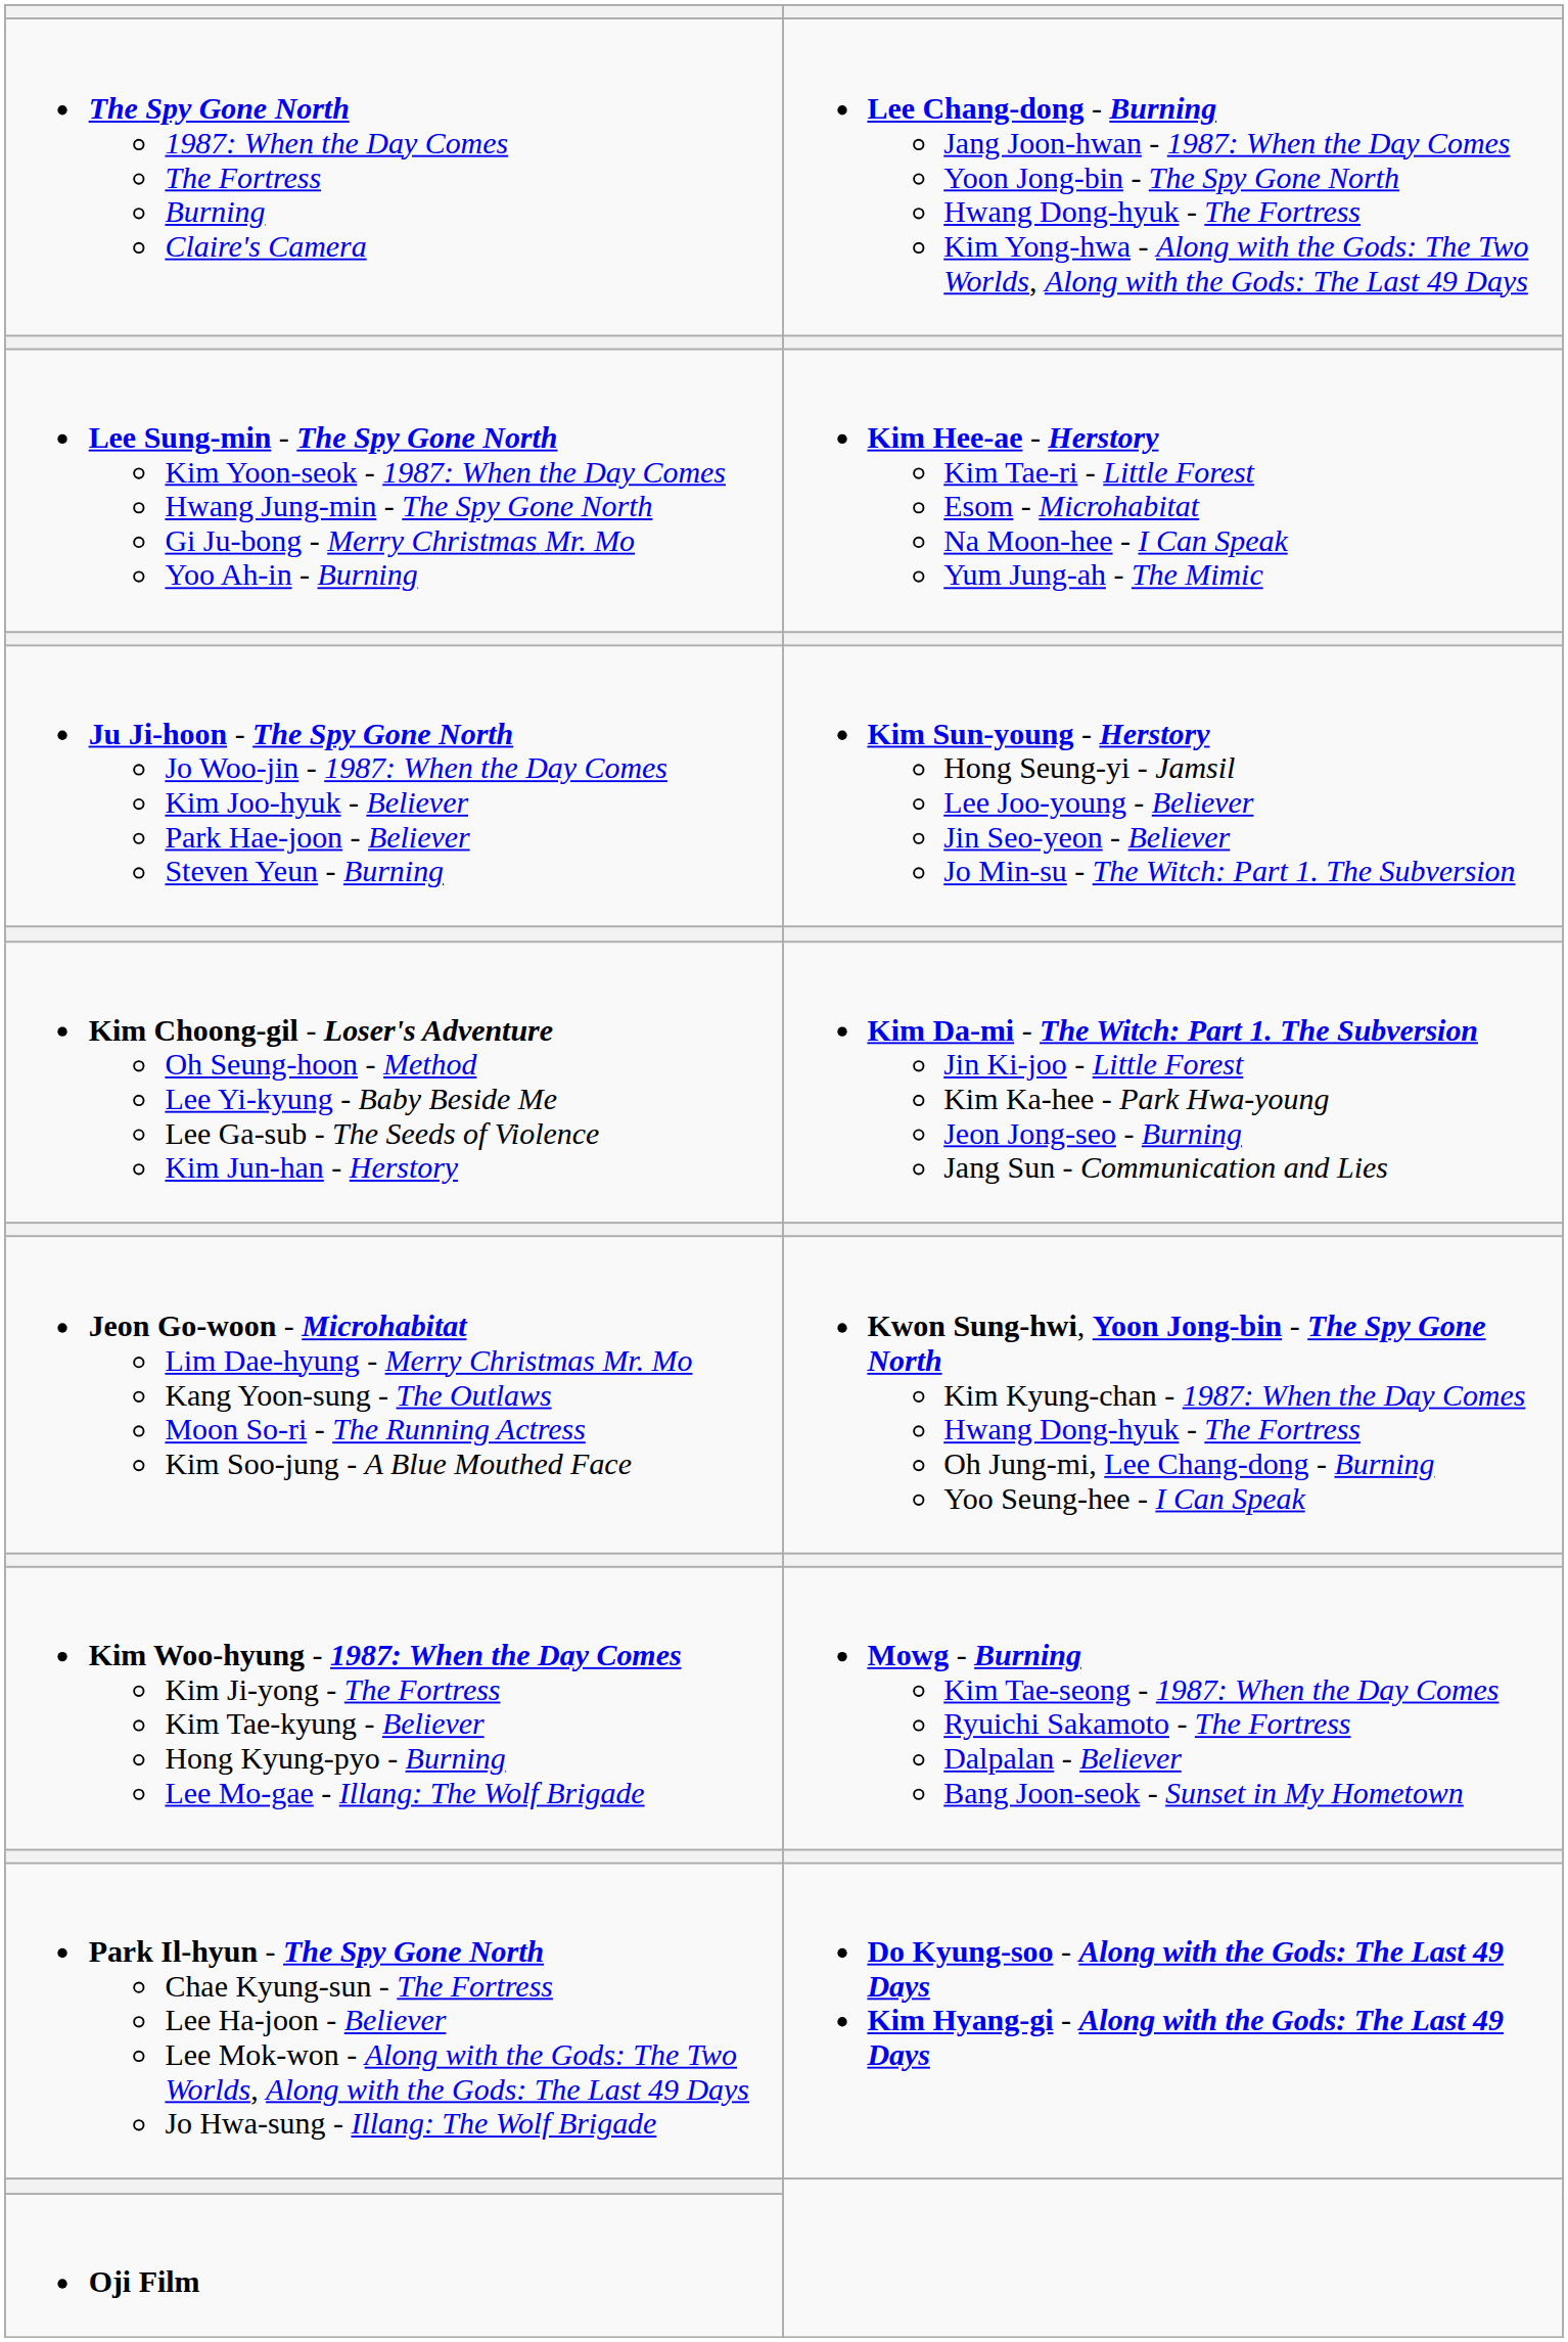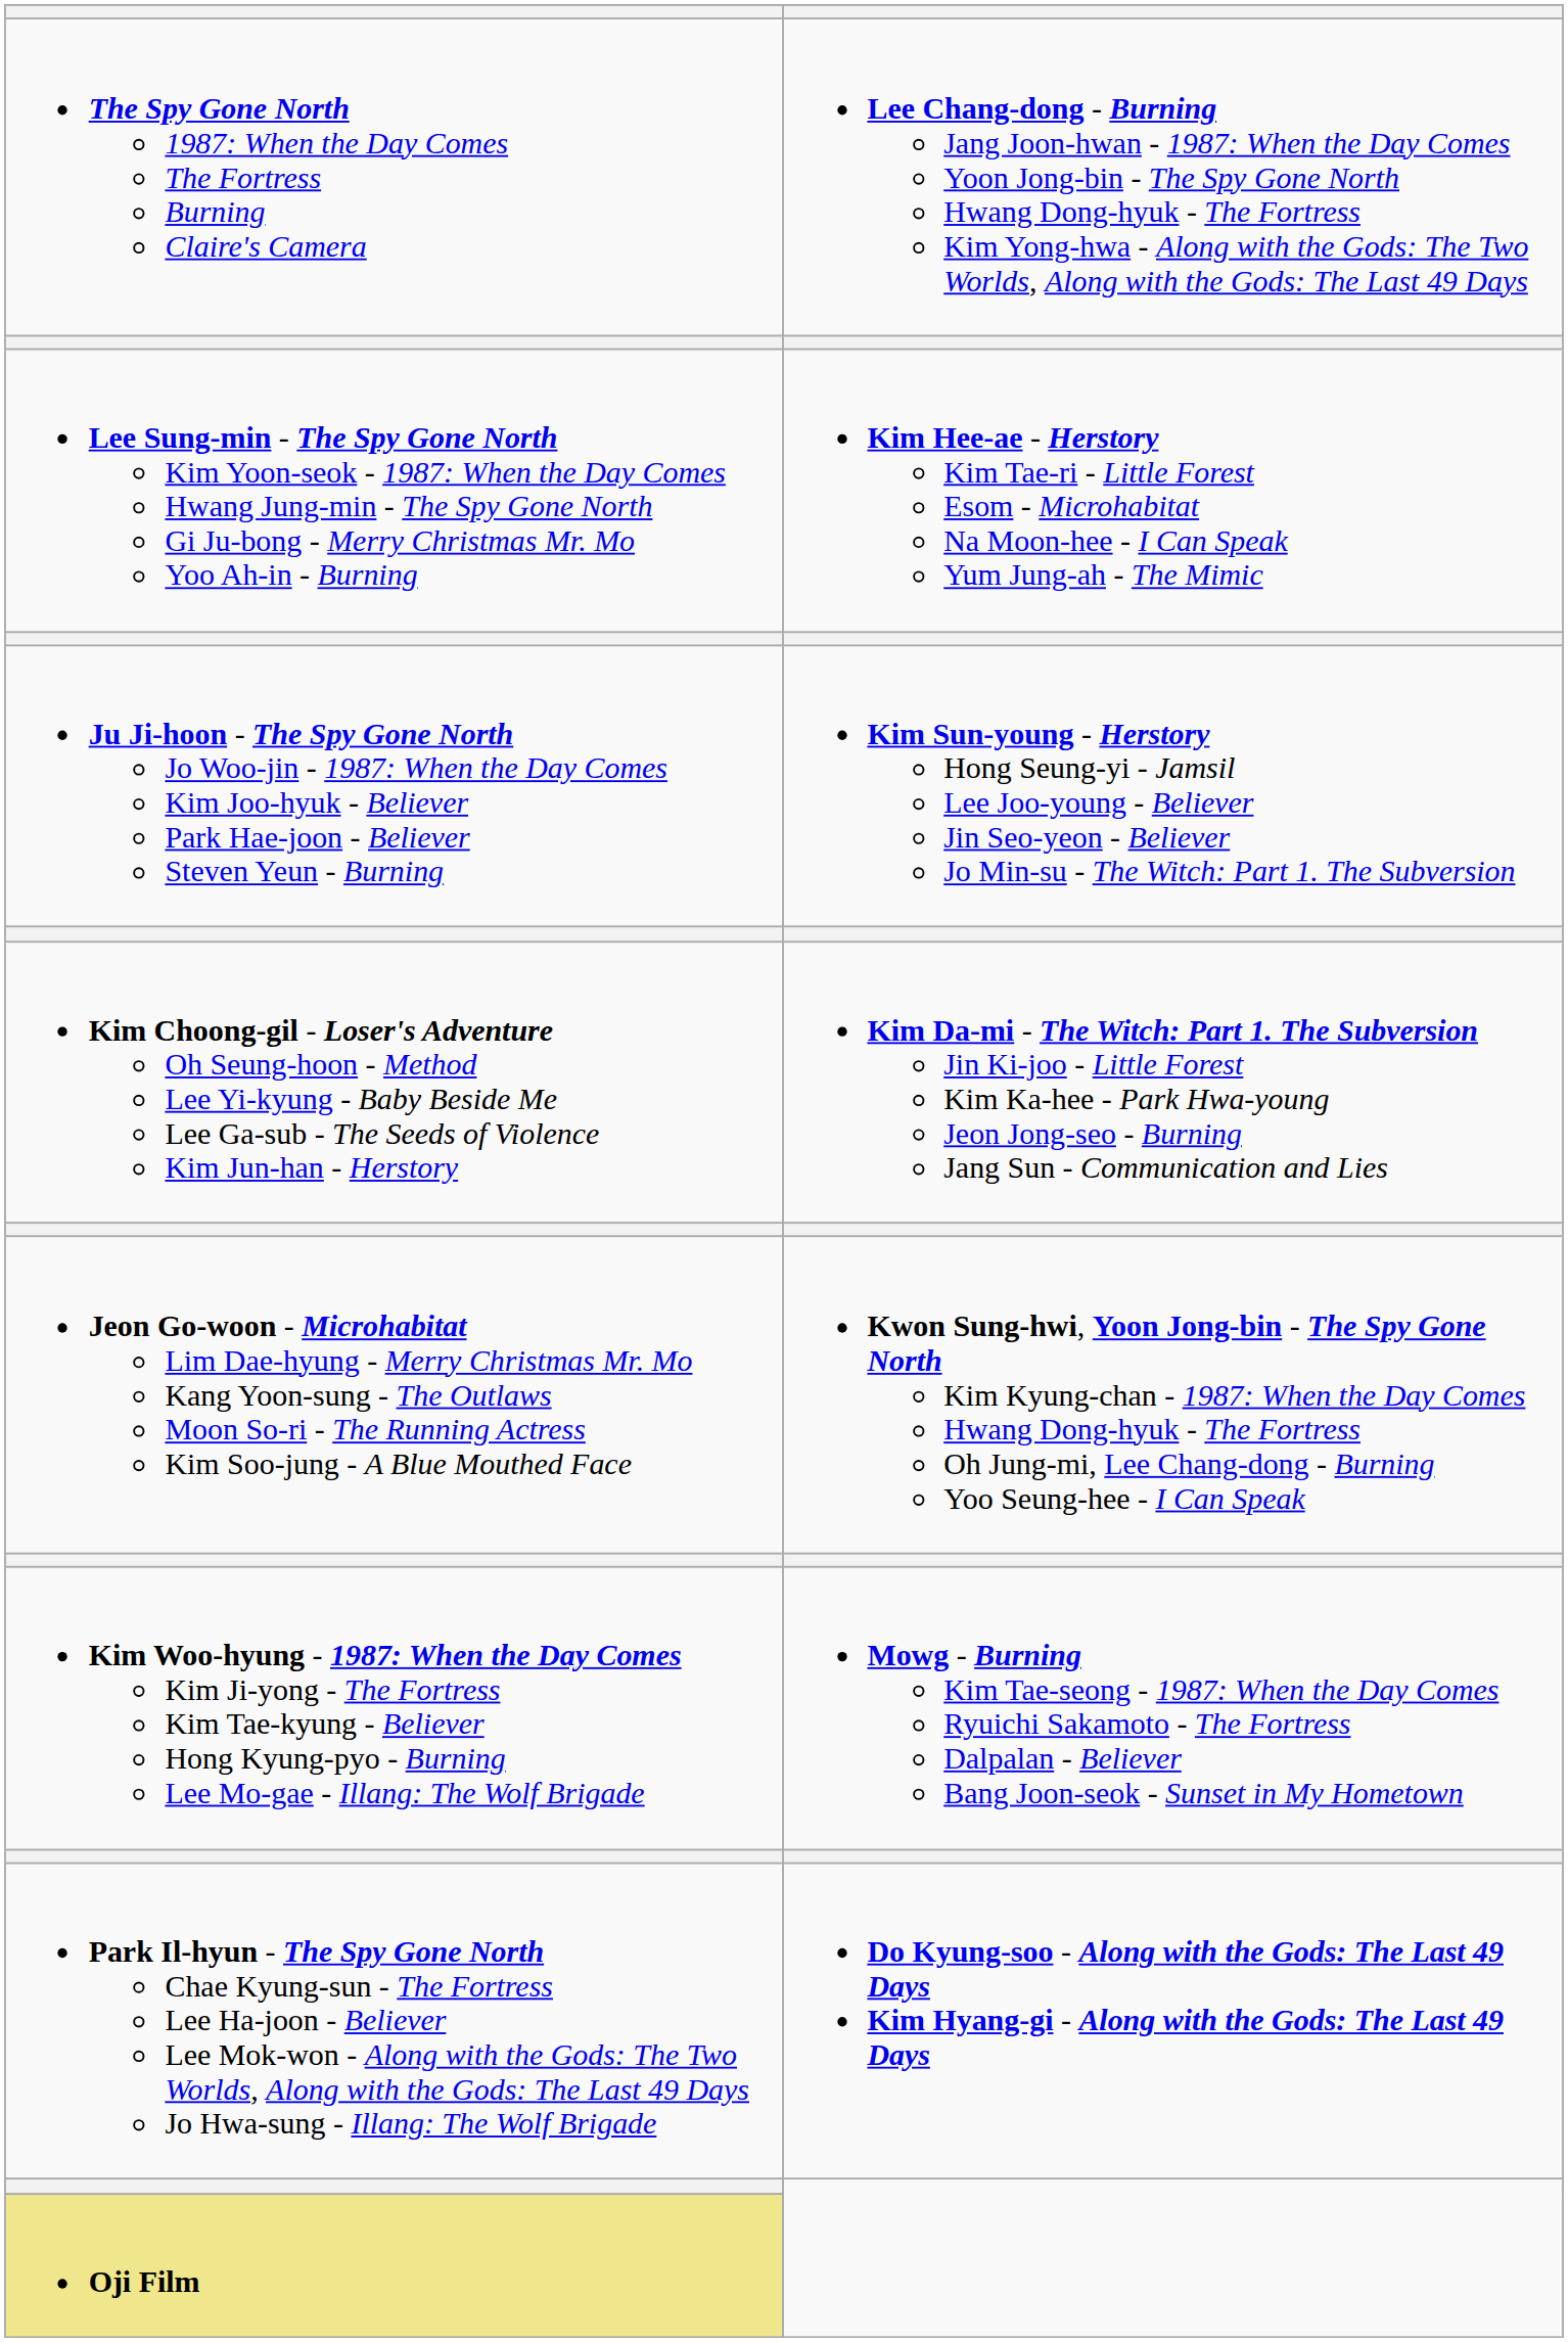 <table class="wikitable">
 <tr>
 <th style="width:400px;"></th>
 <th style="width:400px;"></th>
 </tr>
 <tr>
 <td valign="top"><br><ul><li><strong><em><a href='#'>The Spy Gone North</a></em></strong><ul><li><em><a href='#'>1987: When the Day Comes</a></em></li><li><em><a href='#'>The Fortress</a></em></li><li><em><a href='#'>Burning</a></em></li><li><em><a href='#'>Claire's Camera</a></em></li></ul></li></ul></td>
 <td valign="top"><br><ul><li><strong><a href='#'>Lee Chang-dong</a></strong> - <strong><em><a href='#'>Burning</a></em></strong><ul><li><a href='#'>Jang Joon-hwan</a> - <em><a href='#'>1987: When the Day Comes</a></em></li><li><a href='#'>Yoon Jong-bin</a> - <em><a href='#'>The Spy Gone North</a></em></li><li><a href='#'>Hwang Dong-hyuk</a> - <em><a href='#'>The Fortress</a></em></li><li><a href='#'>Kim Yong-hwa</a> - <em><a href='#'>Along with the Gods: The Two Worlds</a></em>, <em><a href='#'>Along with the Gods: The Last 49 Days</a></em></li></ul></li></ul></td>
 </tr>
 <tr>
 <th></th>
 <th></th>
 </tr>
 <tr>
 <td valign="top"><br><ul><li><strong><a href='#'>Lee Sung-min</a></strong> - <strong><em><a href='#'>The Spy Gone North</a></em></strong><ul><li><a href='#'>Kim Yoon-seok</a> - <em><a href='#'>1987: When the Day Comes</a></em></li><li><a href='#'>Hwang Jung-min</a> - <em><a href='#'>The Spy Gone North</a></em></li><li><a href='#'>Gi Ju-bong</a> - <em><a href='#'>Merry Christmas Mr. Mo</a></em></li><li><a href='#'>Yoo Ah-in</a> - <em><a href='#'>Burning</a></em></li></ul></li></ul></td>
 <td valign="top"><br><ul><li><strong><a href='#'>Kim Hee-ae</a></strong> - <strong><em><a href='#'>Herstory</a></em></strong><ul><li><a href='#'>Kim Tae-ri</a> - <em><a href='#'>Little Forest</a></em></li><li><a href='#'>Esom</a> - <em><a href='#'>Microhabitat</a></em></li><li><a href='#'>Na Moon-hee</a> - <em><a href='#'>I Can Speak</a></em></li><li><a href='#'>Yum Jung-ah</a> - <em><a href='#'>The Mimic</a></em></li></ul></li></ul></td>
 </tr>
 <tr>
 <th></th>
 <th></th>
 </tr>
 <tr>
 <td valign="top"><br><ul><li><strong><a href='#'>Ju Ji-hoon</a></strong> - <strong><em><a href='#'>The Spy Gone North</a></em></strong><ul><li><a href='#'>Jo Woo-jin</a> - <em><a href='#'>1987: When the Day Comes</a></em></li><li><a href='#'>Kim Joo-hyuk</a> - <em><a href='#'>Believer</a></em></li><li><a href='#'>Park Hae-joon</a> - <em><a href='#'>Believer</a></em></li><li><a href='#'>Steven Yeun</a> - <em><a href='#'>Burning</a></em></li></ul></li></ul></td>
 <td valign="top"><br><ul><li><strong><a href='#'>Kim Sun-young</a></strong> - <strong><em><a href='#'>Herstory</a></em></strong><ul><li>Hong Seung-yi - <em>Jamsil</em></li><li><a href='#'>Lee Joo-young</a> - <em><a href='#'>Believer</a></em></li><li><a href='#'>Jin Seo-yeon</a> - <em><a href='#'>Believer</a></em></li><li><a href='#'>Jo Min-su</a> - <em><a href='#'>The Witch: Part 1. The Subversion</a></em></li></ul></li></ul></td>
 </tr>
 <tr>
 <th></th>
 <th></th>
 </tr>
 <tr>
 <td valign="top"><br><ul><li><strong>Kim Choong-gil</strong> - <strong><em>Loser's Adventure</em></strong><ul><li><a href='#'>Oh Seung-hoon</a> - <em><a href='#'>Method</a></em></li><li><a href='#'>Lee Yi-kyung</a> - <em>Baby Beside Me</em></li><li>Lee Ga-sub - <em>The Seeds of Violence</em></li><li><a href='#'>Kim Jun-han</a> - <em><a href='#'>Herstory</a></em></li></ul></li></ul></td>
 <td valign="top"><br><ul><li><strong><a href='#'>Kim Da-mi</a></strong> - <strong><em><a href='#'>The Witch: Part 1. The Subversion</a></em></strong><ul><li><a href='#'>Jin Ki-joo</a> - <em><a href='#'>Little Forest</a></em></li><li>Kim Ka-hee - <em>Park Hwa-young</em></li><li><a href='#'>Jeon Jong-seo</a> - <em><a href='#'>Burning</a></em></li><li>Jang Sun - <em>Communication and Lies</em></li></ul></li></ul></td>
 </tr>
 <tr>
 <th></th>
 <th></th>
 </tr>
 <tr>
 <td valign="top"><br><ul><li><strong>Jeon Go-woon</strong> - <strong><em><a href='#'>Microhabitat</a></em></strong><ul><li><a href='#'>Lim Dae-hyung</a> - <em><a href='#'>Merry Christmas Mr. Mo</a></em></li><li>Kang Yoon-sung - <em><a href='#'>The Outlaws</a></em></li><li><a href='#'>Moon So-ri</a> - <em><a href='#'>The Running Actress</a></em></li><li>Kim Soo-jung - <em>A Blue Mouthed Face</em></li></ul></li></ul></td>
 <td valign="top"><br><ul><li><strong>Kwon Sung-hwi</strong>, <strong><a href='#'>Yoon Jong-bin</a></strong> - <strong><em><a href='#'>The Spy Gone North</a></em></strong><ul><li>Kim Kyung-chan - <em><a href='#'>1987: When the Day Comes</a></em></li><li><a href='#'>Hwang Dong-hyuk</a> - <em><a href='#'>The Fortress</a></em></li><li>Oh Jung-mi, <a href='#'>Lee Chang-dong</a> - <em><a href='#'>Burning</a></em></li><li>Yoo Seung-hee - <em><a href='#'>I Can Speak</a></em></li></ul></li></ul></td>
 </tr>
 <tr>
 <th></th>
 <th></th>
 </tr>
 <tr>
 <td valign="top"><br><ul><li><strong>Kim Woo-hyung</strong> - <strong><em><a href='#'>1987: When the Day Comes</a></em></strong><ul><li>Kim Ji-yong - <em><a href='#'>The Fortress</a></em></li><li>Kim Tae-kyung - <em><a href='#'>Believer</a></em></li><li>Hong Kyung-pyo - <em><a href='#'>Burning</a></em></li><li><a href='#'>Lee Mo-gae</a> - <em><a href='#'>Illang: The Wolf Brigade</a></em></li></ul></li></ul></td>
 <td valign="top"><br><ul><li><strong><a href='#'>Mowg</a></strong> - <strong><em><a href='#'>Burning</a></em></strong><ul><li><a href='#'>Kim Tae-seong</a> - <em><a href='#'>1987: When the Day Comes</a></em></li><li><a href='#'>Ryuichi Sakamoto</a> - <em><a href='#'>The Fortress</a></em></li><li><a href='#'>Dalpalan</a> - <em><a href='#'>Believer</a></em></li><li><a href='#'>Bang Joon-seok</a> - <em><a href='#'>Sunset in My Hometown</a></em></li></ul></li></ul></td>
 </tr>
 <tr>
 <th></th>
 <th></th>
 </tr>
 <tr>
 <td valign="top"><br><ul><li><strong>Park Il-hyun</strong> - <strong><em><a href='#'>The Spy Gone North</a></em></strong><ul><li>Chae Kyung-sun - <em><a href='#'>The Fortress</a></em></li><li>Lee Ha-joon - <em><a href='#'>Believer</a></em></li><li>Lee Mok-won - <em><a href='#'>Along with the Gods: The Two Worlds</a></em>, <em><a href='#'>Along with the Gods: The Last 49 Days</a></em></li><li>Jo Hwa-sung - <em><a href='#'>Illang: The Wolf Brigade</a></em></li></ul></li></ul></td>
 <td valign="top"><br><ul><li><strong><a href='#'>Do Kyung-soo</a></strong> - <strong><em><a href='#'>Along with the Gods: The Last 49 Days</a></em></strong></li><li><strong><a href='#'>Kim Hyang-gi</a></strong> - <strong><em><a href='#'>Along with the Gods: The Last 49 Days</a></em></strong></li></ul></td>
 </tr>
 <tr>
 <th></th>
 </tr>
 <tr>
-<td valign="top"><br><ul><li><strong>Oji Film</strong></li></ul></td>
+<td valign="top" style="background: khaki;"><br><ul><li><strong>Oji Film</strong></li></ul></td>
 </tr>
 </table>
